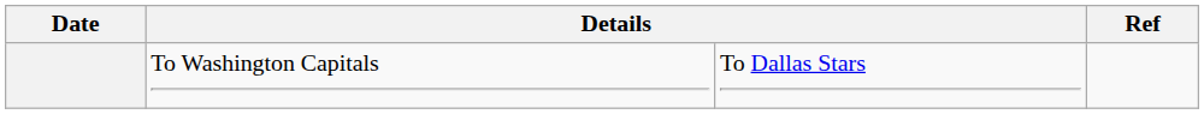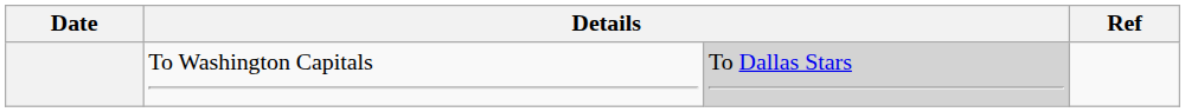 <table class="wikitable plainrowheaders" style="width: 50em;">
 <tr>
 <th scope="col">Date</th>
 <th scope="col" colspan="2">Details</th>
 <th scope="col">Ref</th>
 </tr>
 <tr>
 <th scope="row"></th>
 <td valign="top">To Washington Capitals <hr></td>
-<td valign="top">To <a href='#'>Dallas Stars</a> <hr></td>
+<td valign="top" style="background: lightgrey;">To <a href='#'>Dallas Stars</a> <hr></td>
 <td></td>
 </tr>
 </table>
